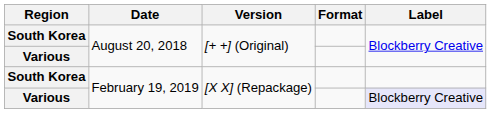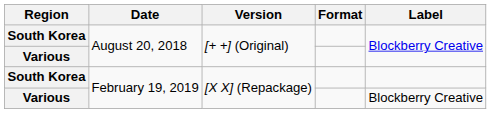 <table class="wikitable plainrowheaders">
 <tr>
 <th>Region</th>
 <th>Date</th>
 <th>Version</th>
 <th>Format</th>
 <th>Label</th>
 </tr>
 <tr>
 <th scope="row">South Korea</th>
 <td rowspan="2">August 20, 2018</td>
 <td rowspan="2"><em>[+ +]</em> (Original)</td>
 <td rowspan="1"></td>
 <td rowspan="2"><a href='#'>Blockberry Creative</a></td>
 </tr>
 <tr>
 <th scope="row">Various</th>
 <td rowspan="1"></td>
 </tr>
 <tr>
 <th scope="row">South Korea</th>
 <td rowspan="2">February 19, 2019</td>
 <td rowspan="2"><em>[X X]</em> (Repackage)</td>
 <td rowspan="1"></td>
 <td rowspan="1"></td>
 </tr>
 <tr>
 <th scope="row">Various</th>
 <td rowspan="2"></td>
-<td style="background: lavender;">Blockberry Creative</td>
+<td>Blockberry Creative</td>
 </tr>
 </table>
